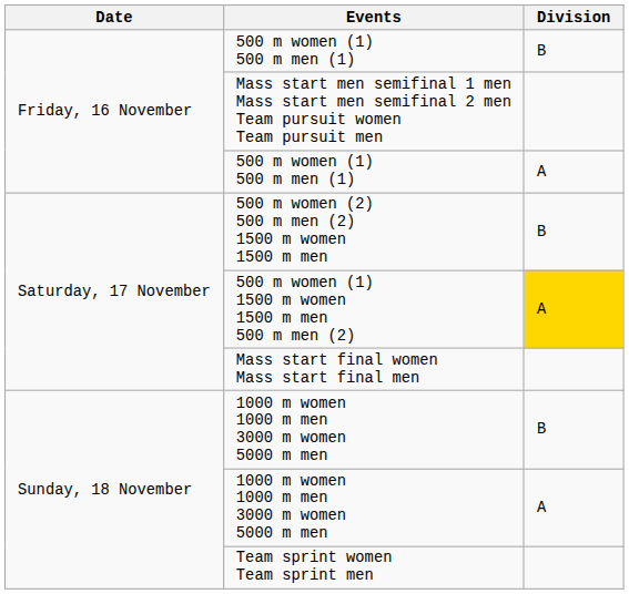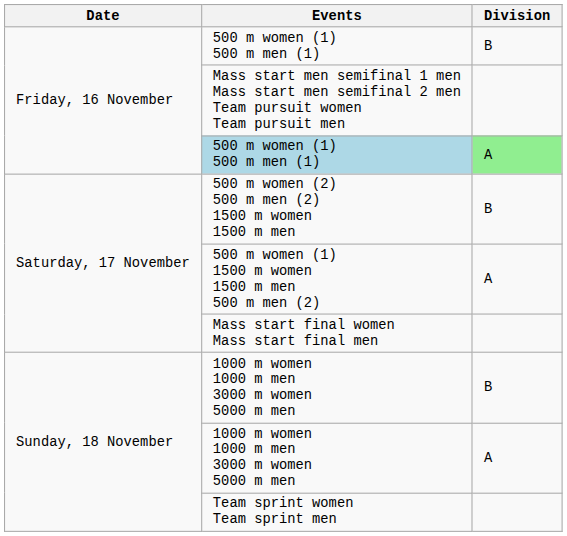 <table class="wikitable" border="1">
 <tr>
 <th> Date </th>
 <th> Events </th>
 <th> Division </th>
 </tr>
 <tr>
 <td rowspan=3> Friday, 16 November </td>
 <td> 500 m women (1) <br> 500 m men (1) </td>
 <td> B </td>
 </tr>
 <tr>
 <td> Mass start men semifinal 1 men  <br>  Mass start men semifinal 2 men  <br>  Team pursuit women  <br> Team pursuit men </td>
 <td></td>
 </tr>
 <tr>
-<td> 500 m women (1) <br> 500 m men (1) </td>
-<td> A </td>
+<td style="background: lightblue;"> 500 m women (1) <br> 500 m men (1) </td>
+<td style="background: lightgreen;"> A </td>
 </tr>
 <tr>
 <td rowspan=3> Saturday, 17 November </td>
 <td> 500 m women (2) <br> 500 m men (2) <br> 1500 m women <br> 1500 m men </td>
 <td> B </td>
 </tr>
 <tr>
 <td> 500 m women (1)  <br>  1500 m women <br> 1500 m men <br> 500 m men (2) </td>
-<td style="background: gold;"> A </td>
+<td> A </td>
 </tr>
 <tr>
 <td> Mass start final women   <br>  Mass start final men </td>
 <td></td>
 </tr>
 <tr>
 <td rowspan=3> Sunday, 18 November </td>
 <td> 1000 m women <br> 1000 m men <br> 3000 m women <br> 5000 m men </td>
 <td> B </td>
 </tr>
 <tr>
 <td> 1000 m women <br> 1000 m men <br> 3000 m women <br> 5000 m men </td>
 <td> A </td>
 </tr>
 <tr>
 <td> Team sprint women <br> Team sprint men </td>
 <td></td>
 </tr>
 </table>
